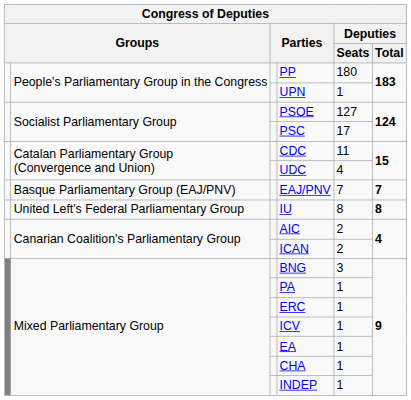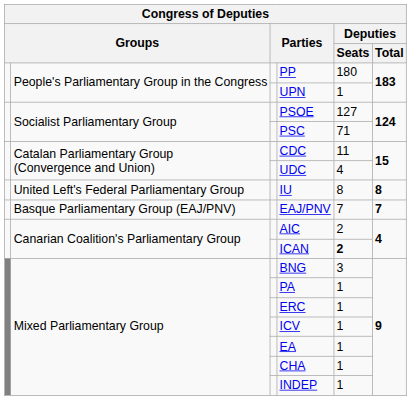 <table class="wikitable" style="text-align:left;">
 <tr>
 <th colspan="6">Congress of Deputies</th>
 </tr>
 <tr>
 <th rowspan="2" colspan="2">Groups</th>
 <th rowspan="2" colspan="2">Parties</th>
 <th colspan="2">Deputies</th>
 </tr>
 <tr>
 <th>Seats</th>
 <th>Total</th>
 </tr>
 <tr>
 <td width="1" rowspan="2"></td>
 <td rowspan="2">People's Parliamentary Group in the Congress</td>
 <td width="1" style="color:inherit;background:"></td>
 <td><a href='#'>PP</a></td>
 <td>180</td>
 <td rowspan="2"><strong>183</strong></td>
 </tr>
 <tr>
 <td style="color:inherit;background:"></td>
 <td><a href='#'>UPN</a></td>
 <td>1</td>
 </tr>
 <tr>
 <td rowspan="2" style="color:inherit;background:"></td>
 <td rowspan="2">Socialist Parliamentary Group</td>
 <td style="color:inherit;background:"></td>
 <td><a href='#'>PSOE</a></td>
 <td>127</td>
 <td rowspan="2"><strong>124</strong></td>
 </tr>
 <tr>
 <td style="color:inherit;background:"></td>
 <td><a href='#'>PSC</a></td>
-<td>17</td>
+<td>71</td>
 </tr>
 <tr>
 <td rowspan="2" style="color:inherit;background:"></td>
 <td rowspan="2">Catalan Parliamentary Group<br>(Convergence and Union)</td>
 <td style="color:inherit;background:"></td>
 <td><a href='#'>CDC</a></td>
 <td>11</td>
 <td rowspan="2"><strong>15</strong></td>
 </tr>
 <tr>
 <td style="color:inherit;background:"></td>
 <td><a href='#'>UDC</a></td>
 <td>4</td>
 </tr>
 <tr>
 <td style="color:inherit;background:"></td>
+<td>United Left's Federal Parliamentary Group</td>
+<td style="color:inherit;background:"></td>
+<td><a href='#'>IU</a></td>
+<td>8</td>
+<td><strong>8</strong></td>
+</tr>
+<tr>
+<td style="color:inherit;background:"></td>
 <td>Basque Parliamentary Group (EAJ/PNV)</td>
 <td style="color:inherit;background:"></td>
 <td><a href='#'>EAJ/PNV</a></td>
 <td>7</td>
 <td><strong>7</strong></td>
-</tr>
-<tr>
-<td style="color:inherit;background:"></td>
-<td>United Left's Federal Parliamentary Group</td>
-<td style="color:inherit;background:"></td>
-<td><a href='#'>IU</a></td>
-<td>8</td>
-<td><strong>8</strong></td>
 </tr>
 <tr>
 <td rowspan="2" style="color:inherit;background:"></td>
 <td rowspan="2">Canarian Coalition's Parliamentary Group</td>
 <td style="color:inherit;background:"></td>
 <td><a href='#'>AIC</a></td>
 <td>2</td>
 <td rowspan="2"><strong>4</strong></td>
 </tr>
 <tr>
 <td style="color:inherit;background:"></td>
 <td><a href='#'>ICAN</a></td>
-<td>2</td>
+<td><strong>2</strong></td>
 </tr>
 <tr>
 <td rowspan="7" bgcolor="gray"></td>
 <td rowspan="7">Mixed Parliamentary Group</td>
 <td style="color:inherit;background:"></td>
 <td><a href='#'>BNG</a></td>
 <td>3</td>
 <td rowspan="7"><strong>9</strong></td>
 </tr>
 <tr>
 <td style="color:inherit;background:"></td>
 <td><a href='#'>PA</a></td>
 <td>1</td>
 </tr>
 <tr>
 <td style="color:inherit;background:"></td>
 <td><a href='#'>ERC</a></td>
 <td>1</td>
 </tr>
 <tr>
 <td style="color:inherit;background:"></td>
 <td><a href='#'>ICV</a></td>
 <td>1</td>
 </tr>
 <tr>
 <td style="color:inherit;background:"></td>
 <td><a href='#'>EA</a></td>
 <td>1</td>
 </tr>
 <tr>
 <td style="color:inherit;background:"></td>
 <td><a href='#'>CHA</a></td>
 <td>1</td>
 </tr>
 <tr>
 <td style="color:inherit;background:"></td>
 <td><a href='#'>INDEP</a></td>
 <td>1</td>
 </tr>
 </table>
